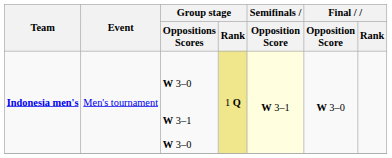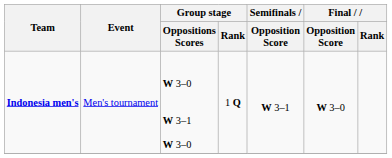 <table class=wikitable style="font-size:90%; text-align:center;">
 <tr>
 <th rowspan=2>Team</th>
 <th rowspan=2>Event</th>
 <th colspan=2>Group stage</th>
 <th>Semifinals / </th>
 <th colspan=2>Final /  / </th>
 </tr>
 <tr>
 <th>Oppositions<br>Scores</th>
 <th>Rank</th>
 <th>Opposition<br>Score</th>
 <th>Opposition<br>Score</th>
 <th>Rank</th>
 </tr>
 <tr>
 <td align=left><strong><a href='#'>Indonesia men's</a></strong></td>
 <td align=left><a href='#'>Men's tournament</a></td>
 <td align=left><br> <br><strong>W</strong> 3–0 <br><br> <br><strong>W</strong> 3–1 <br>  <br><strong>W</strong> 3–0</td>
-<td style="background: khaki;">1 <strong>Q</strong></td>
-<td style="background: lightyellow;"><br><strong>W</strong> 3–1</td>
+<td>1 <strong>Q</strong></td>
+<td><br><strong>W</strong> 3–1</td>
 <td><br><strong>W</strong> 3–0</td>
 <td></td>
 </tr>
 <tr>
 </tr>
 </table>
